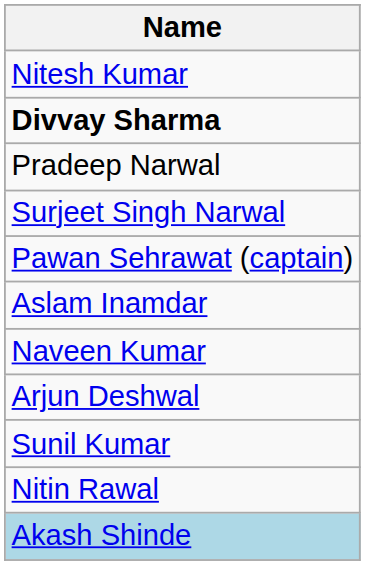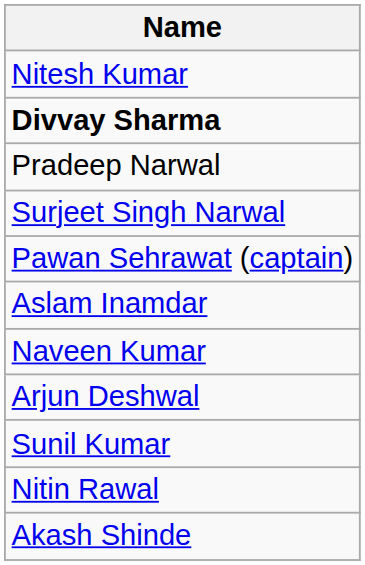 <table class="wikitable sortable" style="text-align: left">
 <tr>
 <th style="text-align:center;">Name</th>
 </tr>
 <tr>
 <td><a href='#'>Nitesh Kumar</a></td>
 </tr>
 <tr>
 <td><strong>Divvay Sharma</strong></td>
 </tr>
 <tr>
 <td>Pradeep Narwal</td>
 </tr>
 <tr>
 <td><a href='#'>Surjeet Singh Narwal</a></td>
 </tr>
 <tr>
 <td><a href='#'>Pawan Sehrawat</a> (<a href='#'>captain</a>)</td>
 </tr>
 <tr>
 <td><a href='#'>Aslam Inamdar</a></td>
 </tr>
 <tr>
 <td><a href='#'>Naveen Kumar</a></td>
 </tr>
 <tr>
 <td><a href='#'>Arjun Deshwal</a></td>
 </tr>
 <tr>
 <td><a href='#'>Sunil Kumar</a></td>
 </tr>
 <tr>
 <td><a href='#'>Nitin Rawal</a></td>
 </tr>
 <tr>
-<td style="background: lightblue;"><a href='#'>Akash Shinde</a></td>
+<td><a href='#'>Akash Shinde</a></td>
 </tr>
 </table>
